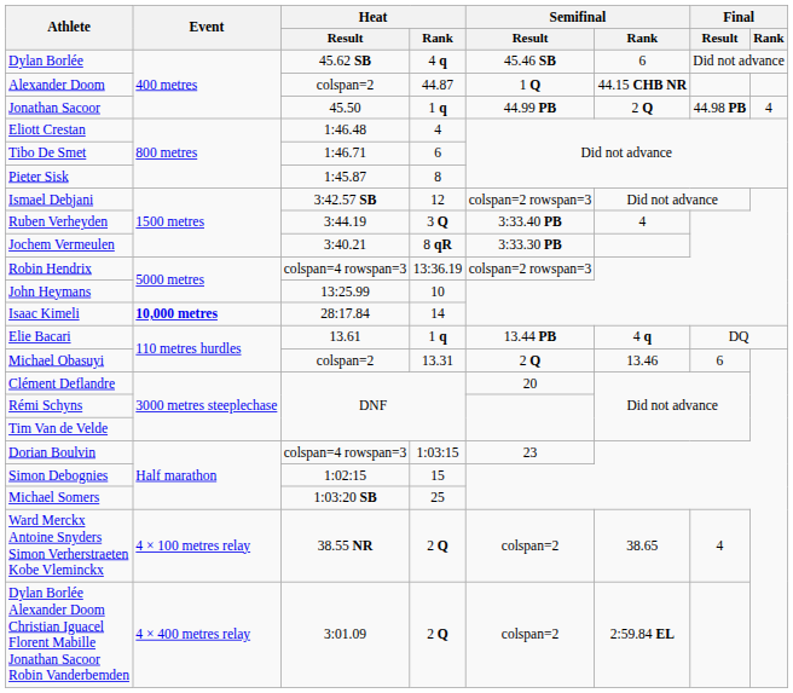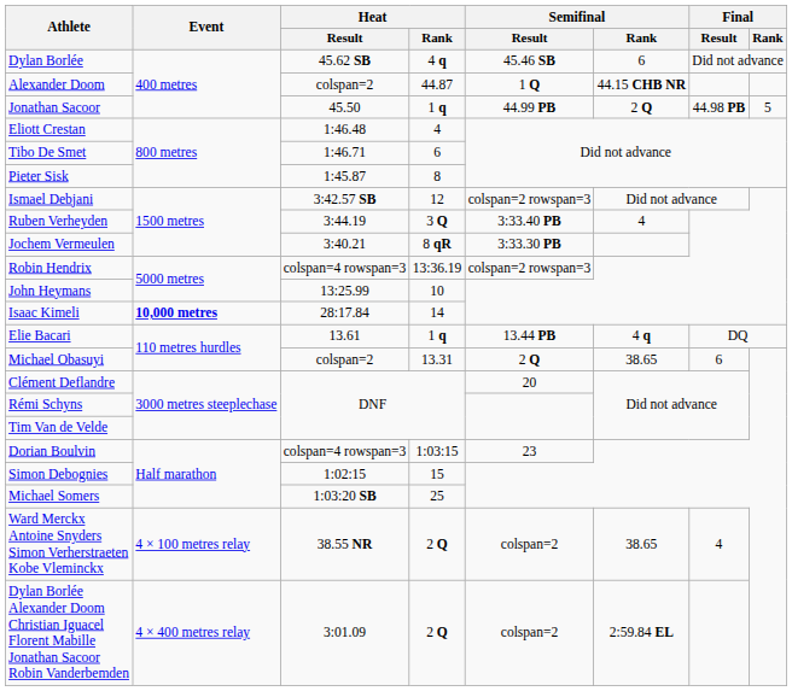 <table class=wikitable style=font-size:90%>
 <tr>
 <th rowspan=2>Athlete</th>
 <th rowspan=2>Event</th>
 <th colspan=2>Heat</th>
 <th colspan=2>Semifinal</th>
 <th colspan=2>Final</th>
 </tr>
 <tr style=font-size:95%>
 <th>Result</th>
 <th>Rank</th>
 <th>Result</th>
 <th>Rank</th>
 <th>Result</th>
 <th>Rank</th>
 </tr>
 <tr align=center>
 <td align=left><a href='#'>Dylan Borlée</a></td>
 <td align=left rowspan=3><a href='#'>400 metres</a></td>
 <td>45.62 <strong>SB</strong></td>
 <td>4 <strong>q</strong></td>
 <td>45.46	<strong>SB</strong></td>
 <td>6</td>
 <td colspan=2>Did not advance</td>
 </tr>
 <tr align=center>
 <td align=left><a href='#'>Alexander Doom</a></td>
 <td>colspan=2 </td>
 <td>44.87</td>
 <td>1 <strong>Q</strong></td>
 <td>44.15 <strong>CHB</strong> <strong>NR</strong></td>
 <td></td>
 </tr>
 <tr align=center>
 <td align=left><a href='#'>Jonathan Sacoor</a></td>
 <td>45.50</td>
 <td>1 <strong>q</strong></td>
 <td>44.99 <strong>PB</strong></td>
 <td>2 <strong>Q</strong></td>
 <td>44.98 <strong>PB</strong></td>
-<td>4</td>
+<td>5</td>
 </tr>
 <tr align=center>
 <td align=left><a href='#'>Eliott Crestan</a></td>
 <td align=left rowspan=3><a href='#'>800 metres</a></td>
 <td>1:46.48</td>
 <td>4</td>
 <td colspan=4 rowspan=3>Did not advance</td>
 </tr>
 <tr align=center>
 <td align=left><a href='#'>Tibo De Smet</a></td>
 <td>1:46.71</td>
 <td>6</td>
 </tr>
 <tr align=center>
 <td align=left><a href='#'>Pieter Sisk</a></td>
 <td>1:45.87</td>
 <td>8</td>
 </tr>
 <tr align=center>
 <td align=left><a href='#'>Ismael Debjani</a></td>
 <td align=left rowspan=3><a href='#'>1500 metres</a></td>
 <td>3:42.57 <strong>SB</strong></td>
 <td>12</td>
 <td>colspan=2 rowspan=3</td>
 <td colspan=2>Did not advance</td>
 </tr>
 <tr align=center>
 <td align=left><a href='#'>Ruben Verheyden</a></td>
 <td>3:44.19</td>
 <td>3 <strong>Q</strong></td>
 <td>3:33.40 <strong>PB</strong></td>
 <td>4</td>
 </tr>
 <tr align=center>
 <td align=left><a href='#'>Jochem Vermeulen</a></td>
 <td>3:40.21</td>
 <td>8 <strong>qR</strong></td>
 <td>3:33.30 <strong>PB</strong></td>
 <td></td>
 </tr>
 <tr align=center>
 <td align=left><a href='#'>Robin Hendrix</a></td>
 <td align=left rowspan=2><a href='#'>5000 metres</a></td>
 <td>colspan=4 rowspan=3</td>
 <td>13:36.19</td>
 <td>colspan=2 rowspan=3</td>
 </tr>
 <tr align=center>
 <td align=left><a href='#'>John Heymans</a></td>
 <td>13:25.99</td>
 <td>10</td>
 </tr>
 <tr align=center>
 <td align=left><a href='#'>Isaac Kimeli</a></td>
 <td align=left><strong><a href='#'>10,000 metres</a></strong></td>
 <td>28:17.84</td>
 <td>14</td>
 </tr>
 <tr align=center>
 <td align=left><a href='#'>Elie Bacari</a></td>
 <td align=left rowspan=2><a href='#'>110 metres hurdles</a></td>
 <td>13.61</td>
 <td>1 <strong>q</strong></td>
 <td>13.44 <strong>PB</strong></td>
 <td>4 <strong>q</strong></td>
 <td colspan=2>DQ</td>
 </tr>
 <tr align=center>
 <td align=left><a href='#'>Michael Obasuyi</a></td>
 <td>colspan=2 </td>
 <td>13.31</td>
 <td>2 <strong>Q</strong></td>
-<td>13.46</td>
+<td>38.65</td>
 <td>6</td>
 </tr>
 <tr align=center>
 <td align=left><a href='#'>Clément Deflandre</a></td>
 <td align=left rowspan=3><a href='#'>3000 metres steeplechase</a></td>
 <td colspan=2 rowspan=3>DNF</td>
 <td>20</td>
 <td colspan=2 rowspan=3>Did not advance</td>
 </tr>
 <tr align=center>
 <td align=left><a href='#'>Rémi Schyns</a></td>
 </tr>
 <tr align=center>
 <td align=left><a href='#'>Tim Van de Velde</a></td>
 </tr>
 <tr align=center>
 <td align=left><a href='#'>Dorian Boulvin</a></td>
 <td align=left rowspan=3><a href='#'>Half marathon</a></td>
 <td>colspan=4 rowspan=3</td>
 <td>1:03:15</td>
 <td>23</td>
 </tr>
 <tr align=center>
 <td align=left><a href='#'>Simon Debognies</a></td>
 <td>1:02:15</td>
 <td>15</td>
 </tr>
 <tr align=center>
 <td align=left><a href='#'>Michael Somers</a></td>
 <td>1:03:20 <strong>SB</strong></td>
 <td>25</td>
 </tr>
 <tr align=center>
 <td align=left><a href='#'>Ward Merckx</a><br><a href='#'>Antoine Snyders</a><br><a href='#'>Simon Verherstraeten</a><br><a href='#'>Kobe Vleminckx</a></td>
 <td align=left><a href='#'>4 × 100 metres relay</a></td>
 <td>38.55 <strong>NR</strong></td>
 <td>2 <strong>Q</strong></td>
 <td>colspan=2</td>
 <td>38.65</td>
 <td>4</td>
 </tr>
 <tr align=center>
 <td align=left><a href='#'>Dylan Borlée</a><br><a href='#'>Alexander Doom</a><br><a href='#'>Christian Iguacel</a><br><a href='#'>Florent Mabille</a><br><a href='#'>Jonathan Sacoor</a><br><a href='#'>Robin Vanderbemden</a></td>
 <td align=left><a href='#'>4 × 400 metres relay</a></td>
 <td>3:01.09</td>
 <td>2 <strong>Q</strong></td>
 <td>colspan=2</td>
 <td>2:59.84 <strong>EL</strong></td>
 <td></td>
 </tr>
 </table>
